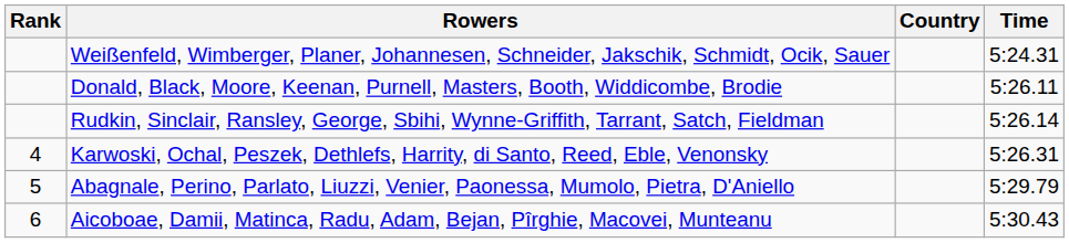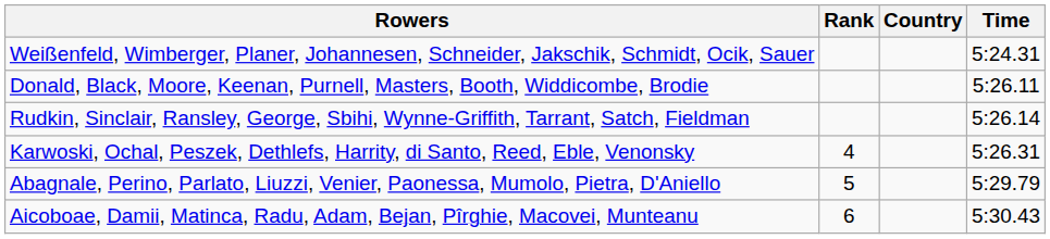 <table class="wikitable" style="text-align:center">
 <tr>
+<th>Rowers</th>
 <th>Rank</th>
-<th>Rowers</th>
 <th>Country</th>
 <th>Time</th>
 </tr>
 <tr>
+<td align="left"><a href='#'>Weißenfeld</a>, <a href='#'>Wimberger</a>, <a href='#'>Planer</a>, <a href='#'>Johannesen</a>, <a href='#'>Schneider</a>, <a href='#'>Jakschik</a>, <a href='#'>Schmidt</a>, <a href='#'>Ocik</a>, <a href='#'>Sauer</a></td>
 <td></td>
-<td align="left"><a href='#'>Weißenfeld</a>, <a href='#'>Wimberger</a>, <a href='#'>Planer</a>, <a href='#'>Johannesen</a>, <a href='#'>Schneider</a>, <a href='#'>Jakschik</a>, <a href='#'>Schmidt</a>, <a href='#'>Ocik</a>, <a href='#'>Sauer</a></td>
 <td align="left"></td>
 <td>5:24.31</td>
 </tr>
 <tr>
+<td align="left"><a href='#'>Donald</a>, <a href='#'>Black</a>, <a href='#'>Moore</a>, <a href='#'>Keenan</a>, <a href='#'>Purnell</a>, <a href='#'>Masters</a>, <a href='#'>Booth</a>, <a href='#'>Widdicombe</a>, <a href='#'>Brodie</a></td>
 <td></td>
-<td align="left"><a href='#'>Donald</a>, <a href='#'>Black</a>, <a href='#'>Moore</a>, <a href='#'>Keenan</a>, <a href='#'>Purnell</a>, <a href='#'>Masters</a>, <a href='#'>Booth</a>, <a href='#'>Widdicombe</a>, <a href='#'>Brodie</a></td>
 <td align="left"></td>
 <td>5:26.11</td>
 </tr>
 <tr>
+<td align="left"><a href='#'>Rudkin</a>, <a href='#'>Sinclair</a>, <a href='#'>Ransley</a>, <a href='#'>George</a>, <a href='#'>Sbihi</a>, <a href='#'>Wynne-Griffith</a>, <a href='#'>Tarrant</a>, <a href='#'>Satch</a>, <a href='#'>Fieldman</a></td>
 <td></td>
-<td align="left"><a href='#'>Rudkin</a>, <a href='#'>Sinclair</a>, <a href='#'>Ransley</a>, <a href='#'>George</a>, <a href='#'>Sbihi</a>, <a href='#'>Wynne-Griffith</a>, <a href='#'>Tarrant</a>, <a href='#'>Satch</a>, <a href='#'>Fieldman</a></td>
 <td align="left"></td>
 <td>5:26.14</td>
 </tr>
 <tr>
+<td align="left"><a href='#'>Karwoski</a>, <a href='#'>Ochal</a>, <a href='#'>Peszek</a>, <a href='#'>Dethlefs</a>, <a href='#'>Harrity</a>, <a href='#'>di Santo</a>, <a href='#'>Reed</a>, <a href='#'>Eble</a>, <a href='#'>Venonsky</a></td>
 <td>4</td>
-<td align="left"><a href='#'>Karwoski</a>, <a href='#'>Ochal</a>, <a href='#'>Peszek</a>, <a href='#'>Dethlefs</a>, <a href='#'>Harrity</a>, <a href='#'>di Santo</a>, <a href='#'>Reed</a>, <a href='#'>Eble</a>, <a href='#'>Venonsky</a></td>
 <td align="left"></td>
 <td>5:26.31</td>
 </tr>
 <tr>
+<td align="left"><a href='#'>Abagnale</a>, <a href='#'>Perino</a>, <a href='#'>Parlato</a>, <a href='#'>Liuzzi</a>, <a href='#'>Venier</a>, <a href='#'>Paonessa</a>, <a href='#'>Mumolo</a>, <a href='#'>Pietra</a>, <a href='#'>D'Aniello</a></td>
 <td>5</td>
-<td align="left"><a href='#'>Abagnale</a>, <a href='#'>Perino</a>, <a href='#'>Parlato</a>, <a href='#'>Liuzzi</a>, <a href='#'>Venier</a>, <a href='#'>Paonessa</a>, <a href='#'>Mumolo</a>, <a href='#'>Pietra</a>, <a href='#'>D'Aniello</a></td>
 <td align="left"></td>
 <td>5:29.79</td>
 </tr>
 <tr>
+<td align="left"><a href='#'>Aicoboae</a>, <a href='#'>Damii</a>, <a href='#'>Matinca</a>, <a href='#'>Radu</a>, <a href='#'>Adam</a>, <a href='#'>Bejan</a>, <a href='#'>Pîrghie</a>, <a href='#'>Macovei</a>, <a href='#'>Munteanu</a></td>
 <td>6</td>
-<td align="left"><a href='#'>Aicoboae</a>, <a href='#'>Damii</a>, <a href='#'>Matinca</a>, <a href='#'>Radu</a>, <a href='#'>Adam</a>, <a href='#'>Bejan</a>, <a href='#'>Pîrghie</a>, <a href='#'>Macovei</a>, <a href='#'>Munteanu</a></td>
 <td align="left"></td>
 <td>5:30.43</td>
 </tr>
 </table>
